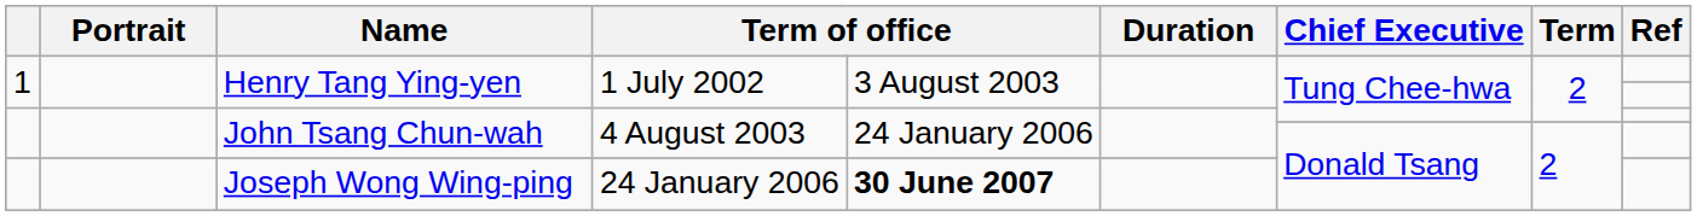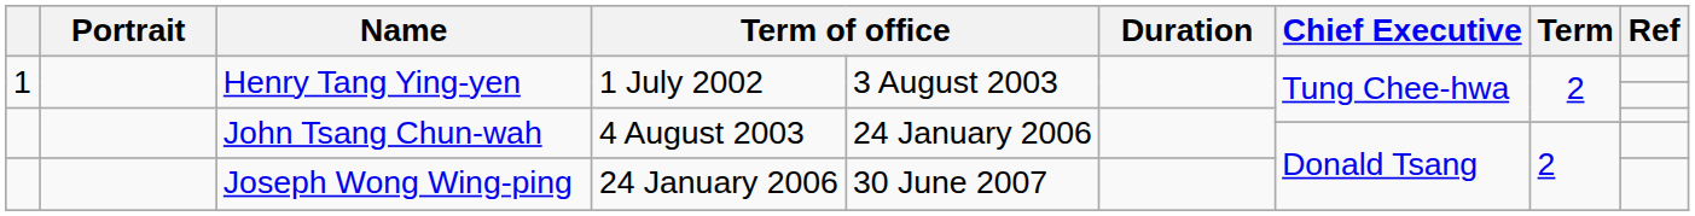 <table class="wikitable" style="text-align:left">
 <tr>
 <th width="10px"></th>
 <th width="80px">Portrait</th>
 <th width="180px">Name</th>
 <th colspan="2" width="180px">Term of office</th>
 <th width="80px">Duration</th>
 <th width="120px"><a href='#'>Chief Executive</a></th>
 <th>Term</th>
 <th>Ref</th>
 </tr>
 <tr>
 <td rowspan="2">1</td>
 <td rowspan="2"></td>
 <td rowspan="2"><a href='#'>Henry Tang Ying-yen</a><br></td>
 <td rowspan="2">1 July 2002</td>
 <td rowspan="2">3 August 2003</td>
 <td rowspan="2"></td>
 <td rowspan="3"><a href='#'>Tung Chee-hwa</a><br></td>
 <td rowspan="3" align="center"><a href='#'>2</a></td>
 <td></td>
 </tr>
 <tr>
 <td></td>
 </tr>
 <tr>
 <td rowspan="2"></td>
 <td rowspan="2"></td>
 <td rowspan="2"><a href='#'>John Tsang Chun-wah</a><br></td>
 <td rowspan="2">4 August 2003</td>
 <td rowspan="2">24 January 2006</td>
 <td rowspan="2"></td>
 <td></td>
 </tr>
 <tr>
 <td rowspan="2"><a href='#'>Donald Tsang</a><br></td>
 <td rowspan="2"><a href='#'>2</a></td>
 <td></td>
 </tr>
 <tr>
 <td></td>
 <td></td>
 <td><a href='#'>Joseph Wong Wing-ping</a><br></td>
 <td>24 January 2006</td>
-<td><strong>30 June 2007</strong></td>
+<td>30 June 2007</td>
 <td></td>
 <td></td>
 </tr>
 </table>
